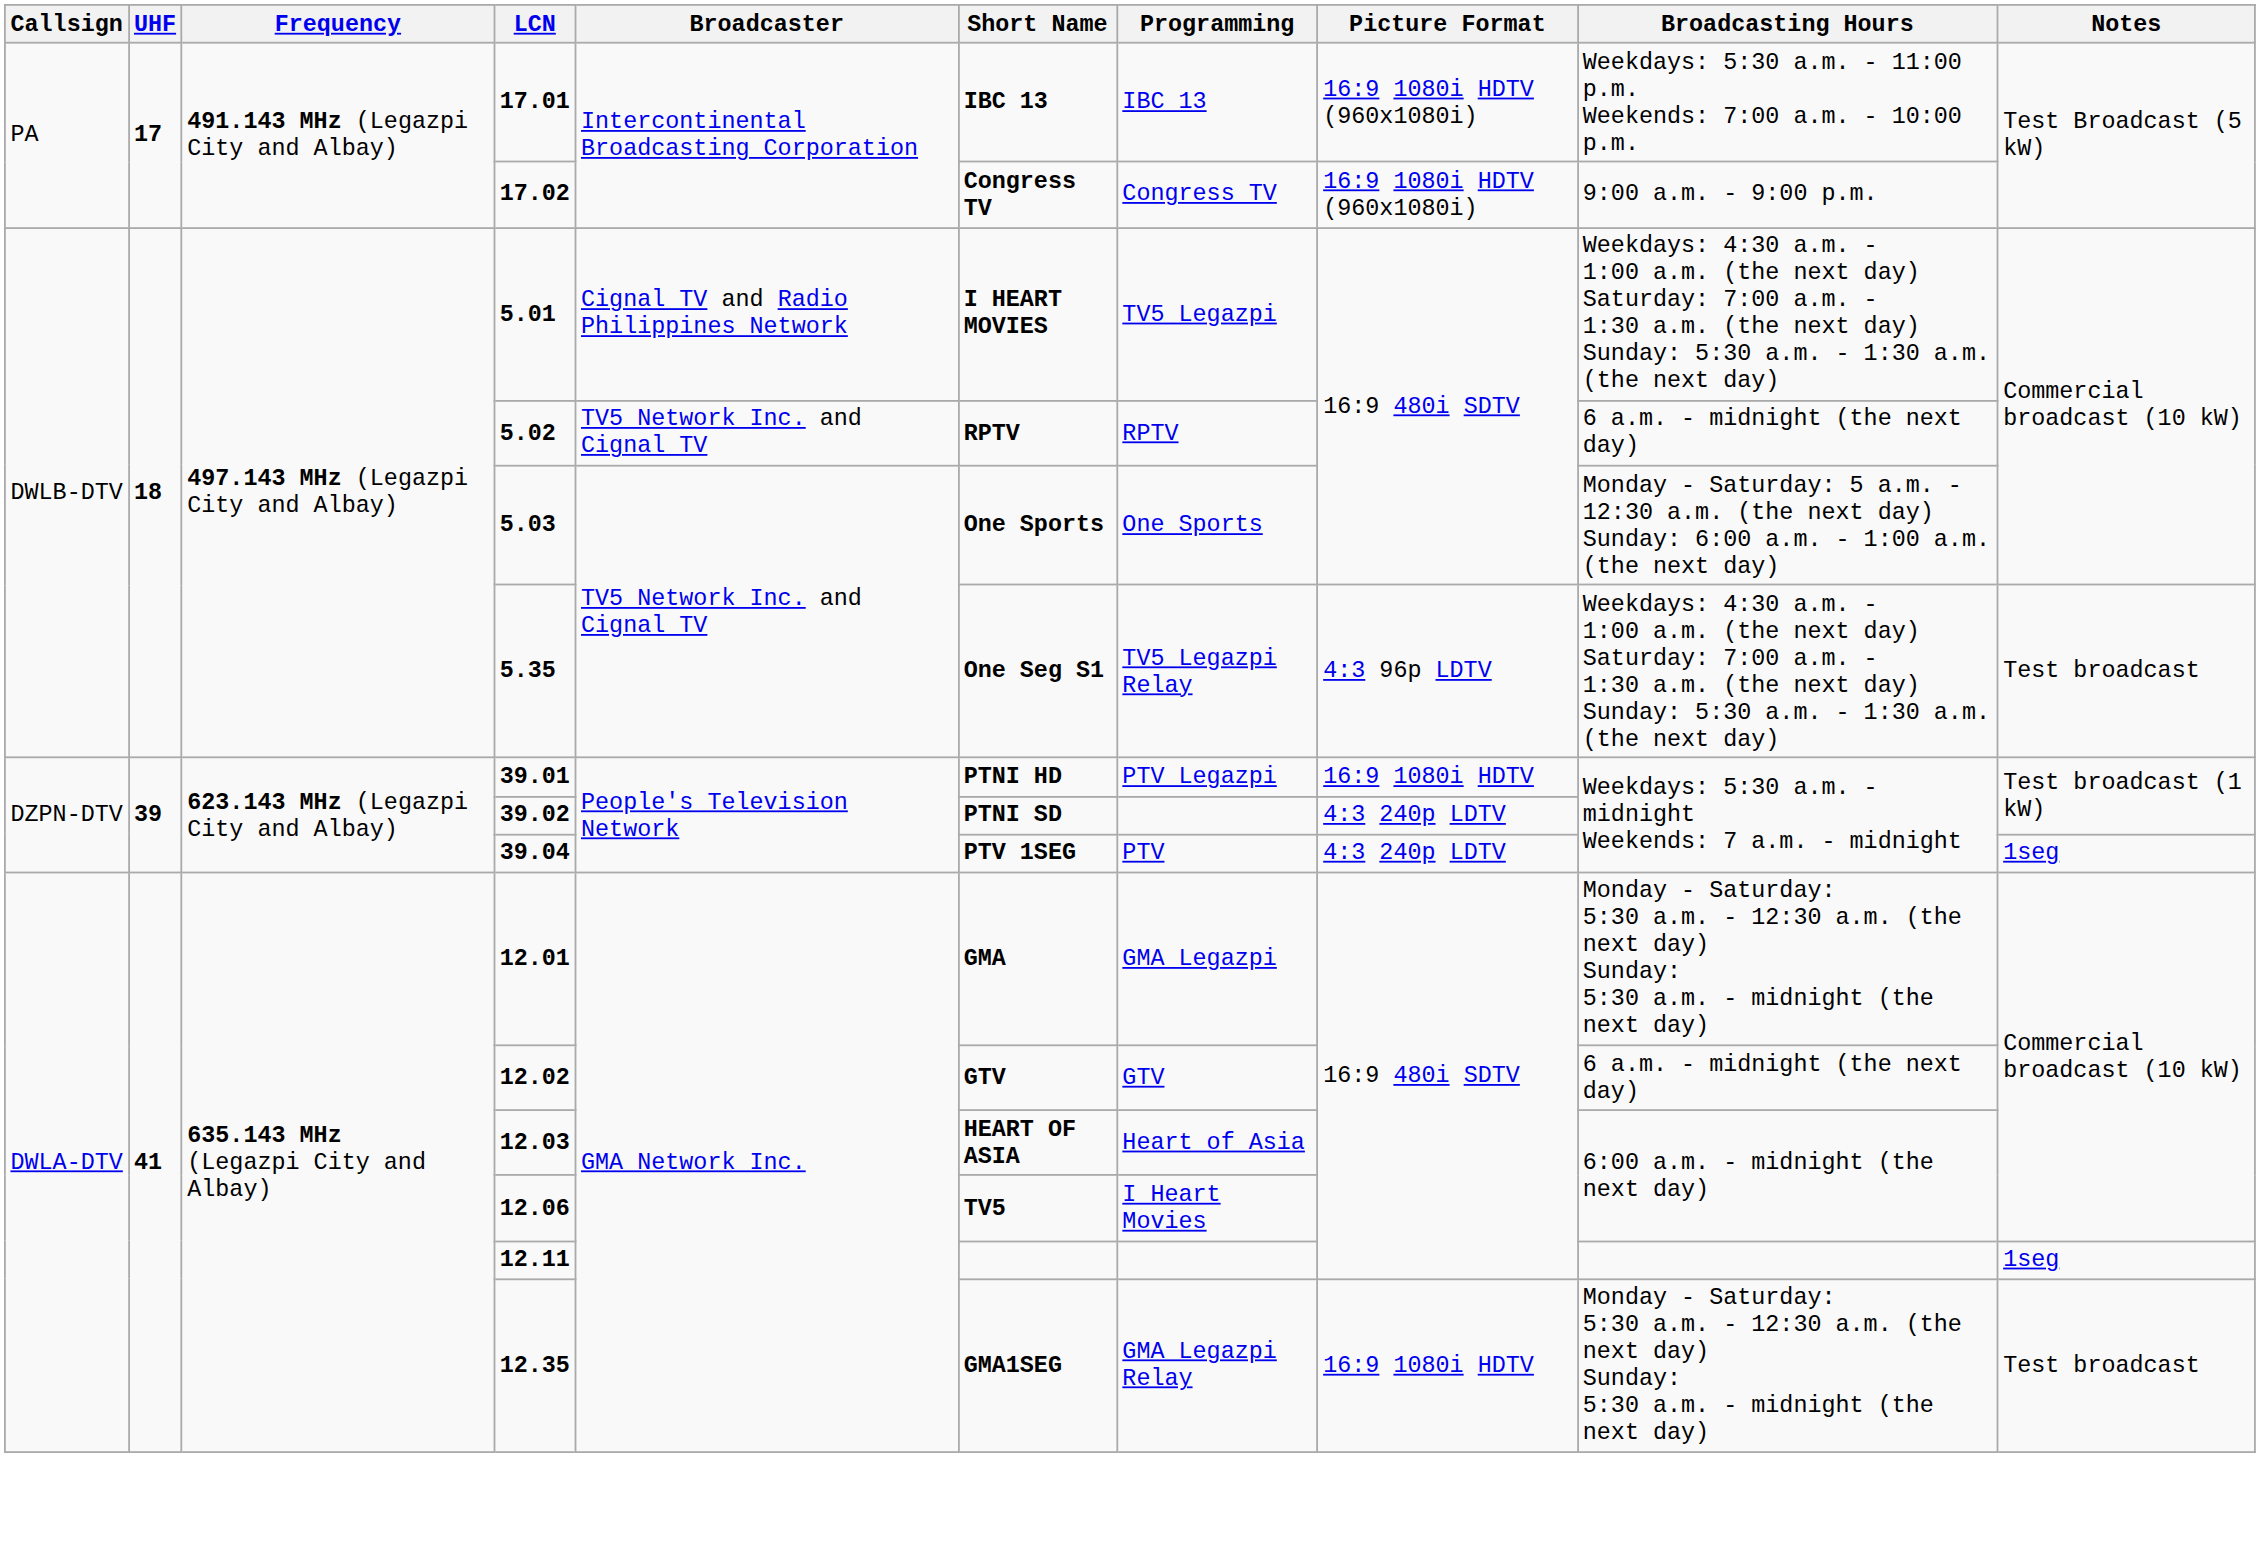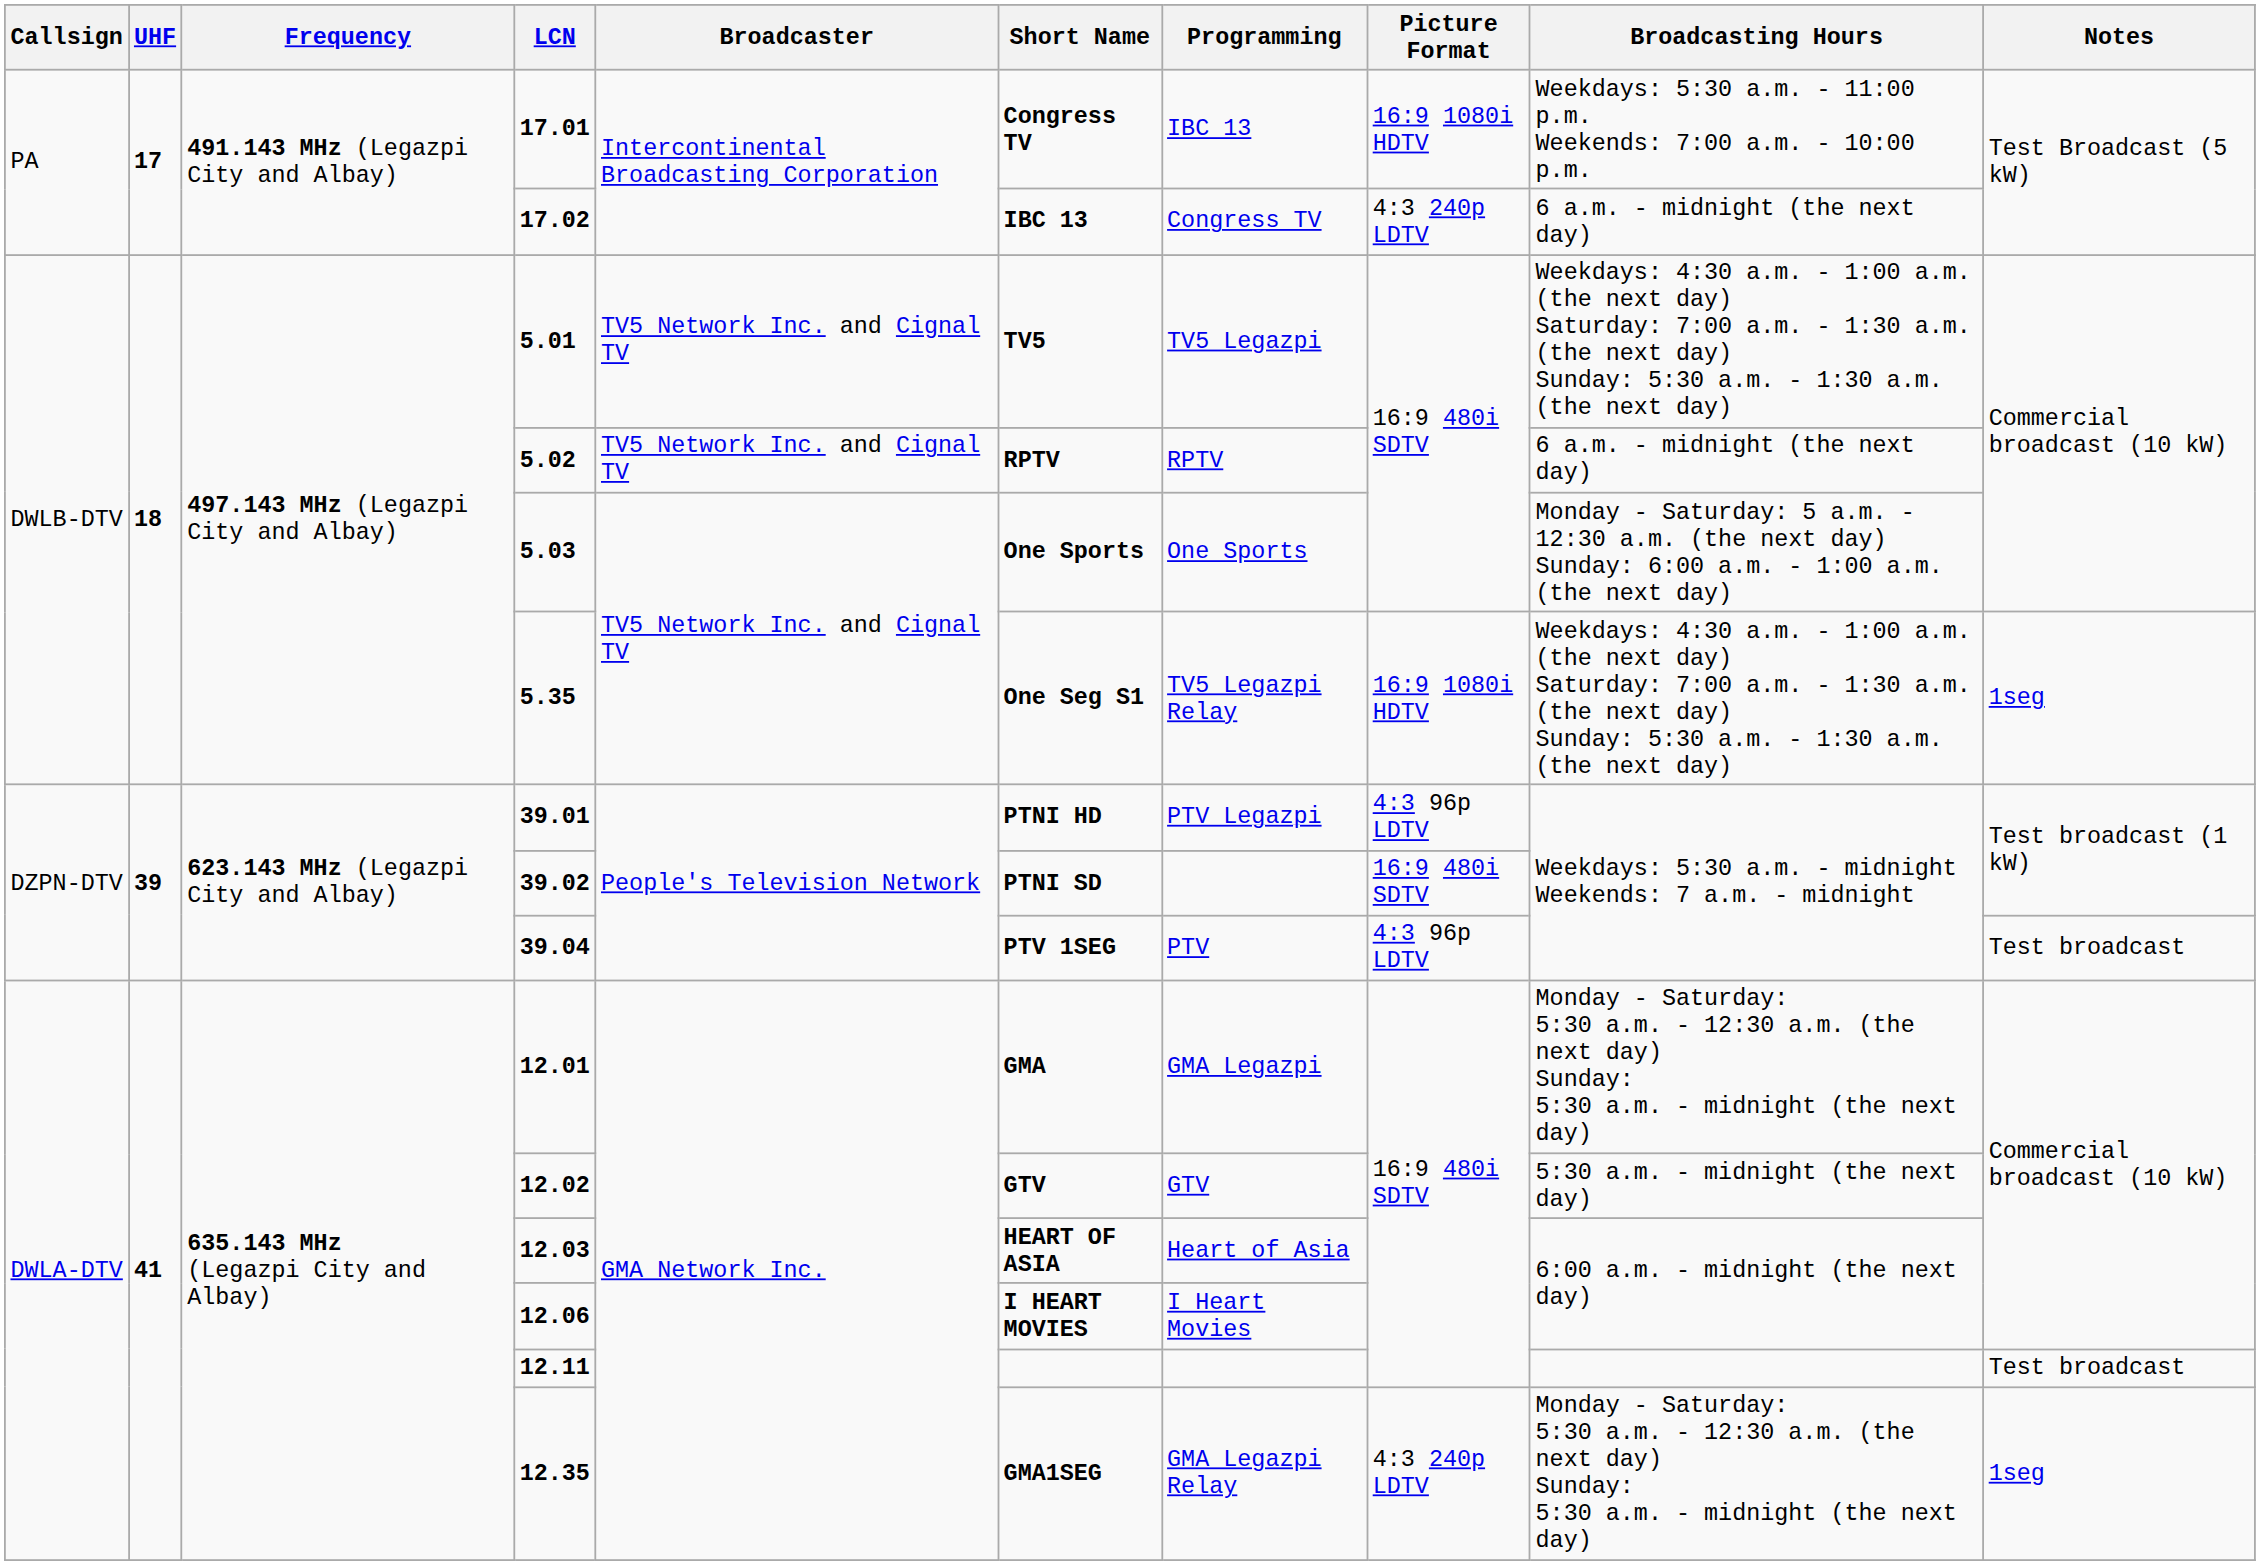 <table class="wikitable sortable">
 <tr>
 <th>Callsign</th>
 <th><a href='#'>UHF</a></th>
 <th><a href='#'>Frequency</a></th>
 <th><a href='#'>LCN</a></th>
 <th>Broadcaster</th>
 <th>Short Name</th>
 <th>Programming</th>
 <th>Picture Format</th>
 <th>Broadcasting Hours</th>
 <th>Notes</th>
 </tr>
 <tr>
 <td rowspan="2">PA</td>
 <td rowspan="2"><strong>17</strong></td>
 <td rowspan="2"><strong>491.143 MHz</strong> (Legazpi City and Albay)</td>
 <td><strong>17.01</strong></td>
 <td rowspan="2"><a href='#'>Intercontinental Broadcasting Corporation</a></td>
-<td><strong>IBC 13</strong></td>
+<td><strong>Congress TV</strong></td>
 <td rowspan="1"><a href='#'>IBC 13</a></td>
-<td><a href='#'>16:9</a> <a href='#'>1080i</a> <a href='#'>HDTV</a> (960x1080i)</td>
+<td><a href='#'>16:9</a> <a href='#'>1080i</a> <a href='#'>HDTV</a></td>
 <td rowspan="1">Weekdays: 5:30 a.m. - 11:00 p.m. <br> Weekends: 7:00 a.m. - 10:00 p.m.</td>
 <td rowspan="2">Test Broadcast (5 kW)</td>
 </tr>
 <tr>
 <td><strong>17.02</strong></td>
-<td><strong>Congress TV</strong></td>
+<td><strong>IBC 13</strong></td>
 <td rowspan="1"><a href='#'>Congress TV</a></td>
-<td><a href='#'>16:9</a> <a href='#'>1080i</a> <a href='#'>HDTV</a> (960x1080i)</td>
-<td rowspan="1">9:00 a.m. - 9:00 p.m.</td>
+<td>4:3 <a href='#'>240p</a> <a href='#'>LDTV</a></td>
+<td>6 a.m. - midnight (the next day)</td>
 </tr>
 <tr>
 <td rowspan="4">DWLB-DTV</td>
 <td rowspan="4"><strong>18</strong></td>
 <td rowspan="4"><strong>497.143 MHz</strong> (Legazpi City and Albay)</td>
 <td><strong>5.01</strong></td>
-<td><a href='#'>Cignal TV</a> and <a href='#'>Radio Philippines Network</a></td>
-<td><strong>I HEART MOVIES</strong></td>
+<td rowspan="1"><a href='#'>TV5 Network Inc.</a> and <a href='#'>Cignal TV</a></td>
+<td><strong>TV5</strong></td>
 <td><a href='#'>TV5 Legazpi</a></td>
 <td rowspan="3">16:9 <a href='#'>480i</a> <a href='#'>SDTV</a></td>
 <td>Weekdays:  4:30 a.m. - 1:00 a.m. (the next day) <br> Saturday: 7:00 a.m. - 1:30 a.m. (the next day) <br> Sunday: 5:30 a.m. - 1:30 a.m. (the next day)</td>
 <td rowspan="3">Commercial broadcast (10 kW)</td>
 </tr>
 <tr>
 <td><strong>5.02</strong></td>
 <td rowspan="1"><a href='#'>TV5 Network Inc.</a> and <a href='#'>Cignal TV</a></td>
 <td><strong>RPTV</strong></td>
 <td><a href='#'>RPTV</a></td>
 <td>6 a.m. - midnight (the next day)</td>
 </tr>
 <tr>
 <td><strong>5.03</strong></td>
 <td rowspan="2"><a href='#'>TV5 Network Inc.</a> and <a href='#'>Cignal TV</a></td>
 <td><strong>One Sports</strong></td>
 <td><a href='#'>One Sports</a></td>
 <td>Monday - Saturday: 5 a.m. - 12:30 a.m. (the next day) <br> Sunday: 6:00 a.m. - 1:00 a.m. (the next day)</td>
 </tr>
 <tr>
 <td><strong>5.35</strong></td>
 <td><strong>One Seg S1 </strong></td>
 <td><a href='#'>TV5 Legazpi Relay</a></td>
-<td><a href='#'>4:3</a> 96p <a href='#'>LDTV</a></td>
+<td rowspan="1"><a href='#'>16:9</a> <a href='#'>1080i</a> <a href='#'>HDTV</a></td>
 <td>Weekdays:  4:30 a.m. - 1:00 a.m. (the next day) <br> Saturday: 7:00 a.m. - 1:30 a.m. (the next day) <br> Sunday: 5:30 a.m. - 1:30 a.m. (the next day)</td>
-<td rowspan="1">Test broadcast</td>
+<td><a href='#'>1seg</a></td>
 </tr>
 <tr>
 <td rowspan="3">DZPN-DTV</td>
 <td rowspan="3"><strong>39</strong></td>
 <td rowspan="3"><strong>623.143 MHz</strong> (Legazpi City and Albay)</td>
 <td><strong>39.01</strong></td>
 <td rowspan="3"><a href='#'>People's Television Network</a></td>
 <td><strong>PTNI HD</strong></td>
 <td rowspan="1'"><a href='#'>PTV Legazpi</a></td>
-<td rowspan="1"><a href='#'>16:9</a> <a href='#'>1080i</a> <a href='#'>HDTV</a></td>
+<td><a href='#'>4:3</a> 96p <a href='#'>LDTV</a></td>
 <td rowspan="3">Weekdays: 5:30 a.m. - midnight <br> Weekends: 7 a.m. - midnight</td>
 <td rowspan="2">Test broadcast (1 kW)</td>
 </tr>
 <tr>
 <td><strong>39.02</strong></td>
 <td><strong>PTNI SD</strong></td>
 <td></td>
-<td><a href='#'>4:3</a> <a href='#'>240p</a> <a href='#'>LDTV</a></td>
+<td><a href='#'>16:9</a> <a href='#'>480i</a> <a href='#'>SDTV</a></td>
 </tr>
 <tr>
 <td><strong>39.04</strong></td>
 <td><strong>PTV 1SEG</strong></td>
 <td><a href='#'>PTV</a></td>
-<td><a href='#'>4:3</a> <a href='#'>240p</a> <a href='#'>LDTV</a></td>
-<td><a href='#'>1seg</a></td>
+<td><a href='#'>4:3</a> 96p <a href='#'>LDTV</a></td>
+<td rowspan="1">Test broadcast</td>
 </tr>
 <tr>
 <td rowspan="6"><a href='#'>DWLA-DTV</a></td>
 <td rowspan="6"><strong>41</strong></td>
 <td rowspan="6"><strong>635.143 MHz</strong><br>(Legazpi City and Albay)</td>
 <td><strong>12.01</strong></td>
 <td rowspan="6"><a href='#'>GMA Network Inc.</a></td>
 <td><strong>GMA</strong></td>
 <td><a href='#'>GMA Legazpi</a></td>
 <td rowspan="5">16:9 <a href='#'>480i</a> <a href='#'>SDTV</a></td>
 <td>Monday - Saturday: <br> 5:30 a.m. - 12:30 a.m. (the next day) <br> Sunday: <br> 5:30 a.m. - midnight (the next day)</td>
 <td rowspan="4">Commercial broadcast (10 kW)</td>
 </tr>
 <tr>
 <td><strong>12.02</strong></td>
 <td><strong>GTV</strong></td>
 <td><a href='#'>GTV</a></td>
-<td>6 a.m. - midnight (the next day)</td>
+<td rowspan="1">5:30 a.m. - midnight (the next day)</td>
 </tr>
 <tr>
 <td><strong>12.03</strong></td>
 <td><strong>HEART OF ASIA</strong></td>
 <td><a href='#'>Heart of Asia</a></td>
 <td rowspan="2">6:00 a.m. - midnight (the next day)</td>
 </tr>
 <tr>
 <td><strong>12.06</strong></td>
-<td><strong>TV5</strong></td>
+<td><strong>I HEART MOVIES</strong></td>
 <td><a href='#'>I Heart Movies</a></td>
 </tr>
 <tr>
 <td><strong>12.11</strong></td>
 <td></td>
 <td></td>
 <td></td>
-<td><a href='#'>1seg</a></td>
+<td rowspan="1">Test broadcast</td>
 </tr>
 <tr>
 <td><strong>12.35</strong></td>
 <td><strong>GMA1SEG</strong></td>
 <td><a href='#'>GMA Legazpi Relay</a></td>
-<td><a href='#'>16:9</a> <a href='#'>1080i</a> <a href='#'>HDTV</a></td>
+<td>4:3 <a href='#'>240p</a> <a href='#'>LDTV</a></td>
 <td>Monday - Saturday: <br> 5:30 a.m. - 12:30 a.m. (the next day) <br> Sunday: <br> 5:30 a.m. - midnight (the next day)</td>
-<td rowspan="1">Test broadcast</td>
+<td><a href='#'>1seg</a></td>
 </tr>
 </table>
